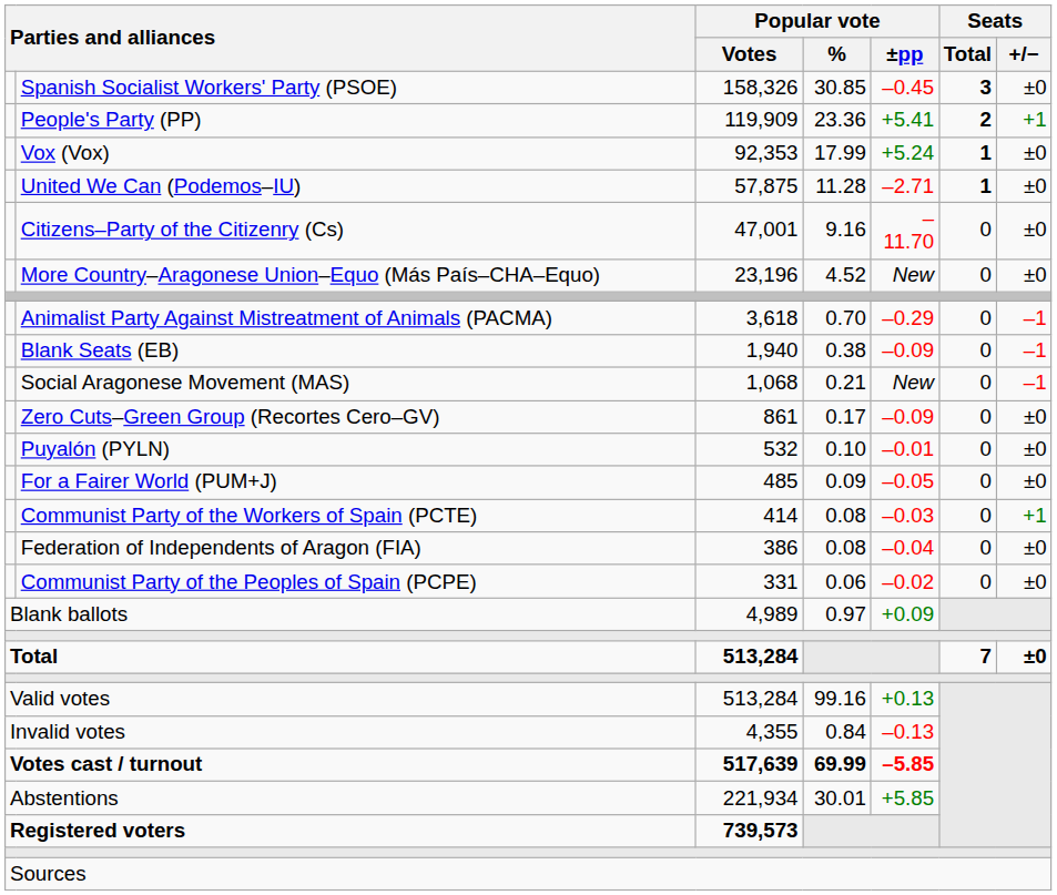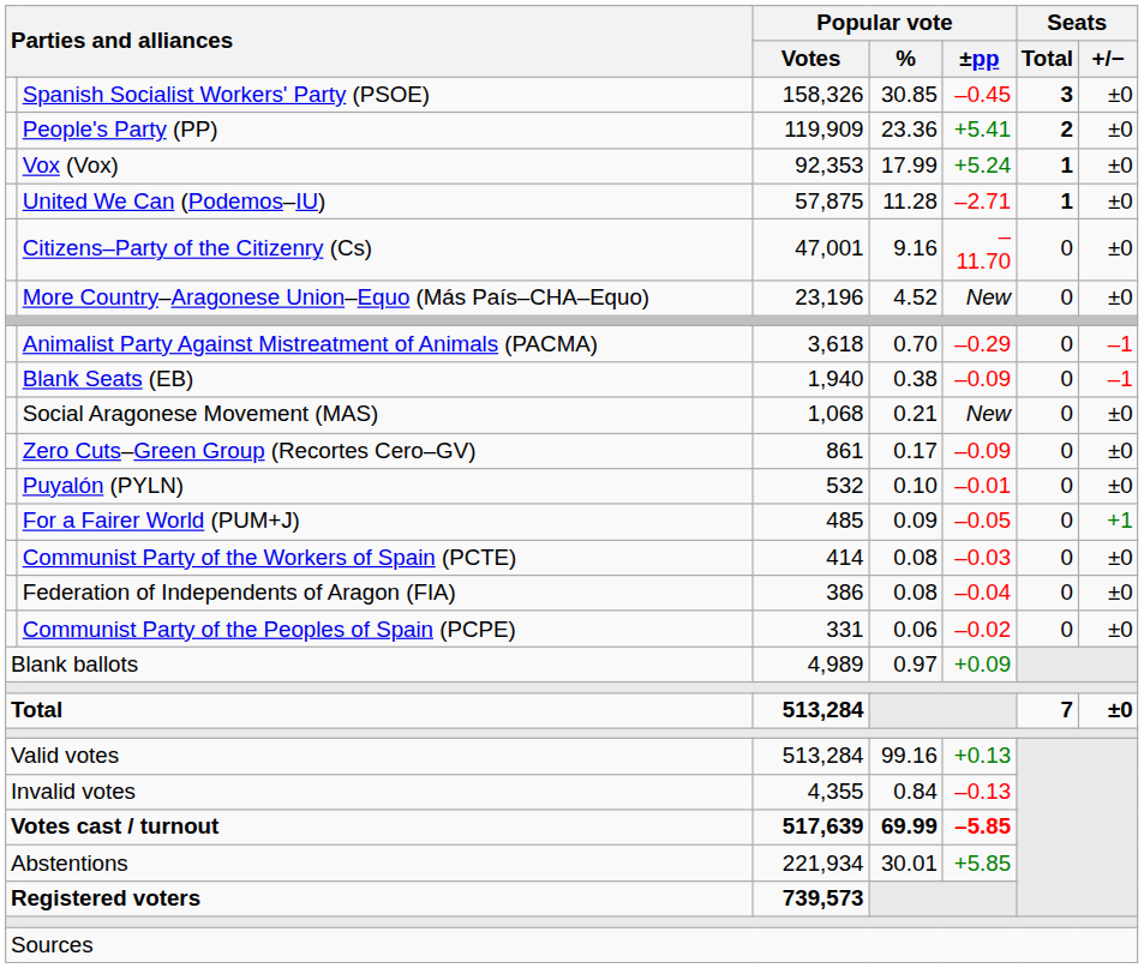 <table class="wikitable" style="text-align:right;">
 <tr>
 <th style="text-align:left;" rowspan="2" colspan="2" width="525">Parties and alliances</th>
 <th colspan="3">Popular vote</th>
 <th colspan="2">Seats</th>
 </tr>
 <tr>
 <th width="75">Votes</th>
 <th width="45">%</th>
 <th width="45">±<a href='#'>pp</a></th>
 <th width="35">Total</th>
 <th width="35">+/−</th>
 </tr>
 <tr>
 <td width="1" style="color:inherit;background:"></td>
 <td align="left"><a href='#'>Spanish Socialist Workers' Party</a> (PSOE)</td>
 <td>158,326</td>
 <td>30.85</td>
 <td style="color:red;">–0.45</td>
 <td><strong>3</strong></td>
 <td>±0</td>
 </tr>
 <tr>
 <td style="color:inherit;background:"></td>
 <td align="left"><a href='#'>People's Party</a> (PP)</td>
 <td>119,909</td>
 <td>23.36</td>
 <td style="color:green;">+5.41</td>
 <td><strong>2</strong></td>
-<td style="color:green;">+1</td>
+<td>±0</td>
 </tr>
 <tr>
 <td style="color:inherit;background:"></td>
 <td align="left"><a href='#'>Vox</a> (Vox)</td>
 <td>92,353</td>
 <td>17.99</td>
 <td style="color:green;">+5.24</td>
 <td><strong>1</strong></td>
 <td>±0</td>
 </tr>
 <tr>
 <td style="color:inherit;background:"></td>
 <td align="left"><a href='#'>United We Can</a> (<a href='#'>Podemos</a>–<a href='#'>IU</a>)</td>
 <td>57,875</td>
 <td>11.28</td>
 <td style="color:red;">–2.71</td>
 <td><strong>1</strong></td>
 <td>±0</td>
 </tr>
 <tr>
 <td style="color:inherit;background:"></td>
 <td align="left"><a href='#'>Citizens–Party of the Citizenry</a> (Cs)</td>
 <td>47,001</td>
 <td>9.16</td>
 <td style="color:red;">–11.70</td>
 <td>0</td>
 <td>±0</td>
 </tr>
 <tr>
 <td style="color:inherit;background:"></td>
 <td align="left"><a href='#'>More Country</a>–<a href='#'>Aragonese Union</a>–<a href='#'>Equo</a> (Más País–CHA–Equo)</td>
 <td>23,196</td>
 <td>4.52</td>
 <td><em>New</em></td>
 <td>0</td>
 <td>±0</td>
 </tr>
 <tr>
 <td colspan="7" bgcolor="#C0C0C0"></td>
 </tr>
 <tr>
 <td style="color:inherit;background:"></td>
 <td align="left"><a href='#'>Animalist Party Against Mistreatment of Animals</a> (PACMA)</td>
 <td>3,618</td>
 <td>0.70</td>
 <td style="color:red;">–0.29</td>
 <td>0</td>
 <td style="color:red;">–1</td>
 </tr>
 <tr>
 <td style="color:inherit;background:"></td>
 <td align="left"><a href='#'>Blank Seats</a> (EB)</td>
 <td>1,940</td>
 <td>0.38</td>
 <td style="color:red;">–0.09</td>
 <td>0</td>
 <td style="color:red;">–1</td>
 </tr>
 <tr>
 <td style="color:inherit;background:"></td>
 <td align="left">Social Aragonese Movement (MAS)</td>
 <td>1,068</td>
 <td>0.21</td>
 <td><em>New</em></td>
 <td>0</td>
-<td style="color:red;">–1</td>
+<td>±0</td>
 </tr>
 <tr>
 <td style="color:inherit;background:"></td>
 <td align="left"><a href='#'>Zero Cuts</a>–<a href='#'>Green Group</a> (Recortes Cero–GV)</td>
 <td>861</td>
 <td>0.17</td>
 <td style="color:red;">–0.09</td>
 <td>0</td>
 <td>±0</td>
 </tr>
 <tr>
 <td style="color:inherit;background:"></td>
 <td align="left"><a href='#'>Puyalón</a> (PYLN)</td>
 <td>532</td>
 <td>0.10</td>
 <td style="color:red;">–0.01</td>
 <td>0</td>
 <td>±0</td>
 </tr>
 <tr>
 <td style="color:inherit;background:"></td>
 <td align="left"><a href='#'>For a Fairer World</a> (PUM+J)</td>
 <td>485</td>
 <td>0.09</td>
 <td style="color:red;">–0.05</td>
 <td>0</td>
-<td>±0</td>
+<td style="color:green;">+1</td>
 </tr>
 <tr>
 <td style="color:inherit;background:"></td>
 <td align="left"><a href='#'>Communist Party of the Workers of Spain</a> (PCTE)</td>
 <td>414</td>
 <td>0.08</td>
 <td style="color:red;">–0.03</td>
 <td>0</td>
-<td style="color:green;">+1</td>
+<td>±0</td>
 </tr>
 <tr>
 <td style="color:inherit;background:"></td>
 <td align="left">Federation of Independents of Aragon (FIA)</td>
 <td>386</td>
 <td>0.08</td>
 <td style="color:red;">–0.04</td>
 <td>0</td>
 <td>±0</td>
 </tr>
 <tr>
 <td style="color:inherit;background:"></td>
 <td align="left"><a href='#'>Communist Party of the Peoples of Spain</a> (PCPE)</td>
 <td>331</td>
 <td>0.06</td>
 <td style="color:red;">–0.02</td>
 <td>0</td>
 <td>±0</td>
 </tr>
 <tr>
 <td align="left" colspan="2">Blank ballots</td>
 <td>4,989</td>
 <td>0.97</td>
 <td style="color:green;">+0.09</td>
 <td bgcolor="#E9E9E9" colspan="2"></td>
 </tr>
 <tr>
 <td colspan="7" bgcolor="#E9E9E9"></td>
 </tr>
 <tr style="font-weight:bold;">
 <td align="left" colspan="2">Total</td>
 <td>513,284</td>
 <td bgcolor="#E9E9E9" colspan="2"></td>
 <td>7</td>
 <td>±0</td>
 </tr>
 <tr>
 <td colspan="7" bgcolor="#E9E9E9"></td>
 </tr>
 <tr>
 <td align="left" colspan="2">Valid votes</td>
 <td>513,284</td>
 <td>99.16</td>
 <td style="color:green;">+0.13</td>
 <td bgcolor="#E9E9E9" colspan="2" rowspan="5"></td>
 </tr>
 <tr>
 <td align="left" colspan="2">Invalid votes</td>
 <td>4,355</td>
 <td>0.84</td>
 <td style="color:red;">–0.13</td>
 </tr>
 <tr style="font-weight:bold;">
 <td align="left" colspan="2">Votes cast / turnout</td>
 <td>517,639</td>
 <td>69.99</td>
 <td style="color:red;">–5.85</td>
 </tr>
 <tr>
 <td align="left" colspan="2">Abstentions</td>
 <td>221,934</td>
 <td>30.01</td>
 <td style="color:green;">+5.85</td>
 </tr>
 <tr style="font-weight:bold;">
 <td align="left" colspan="2">Registered voters</td>
 <td>739,573</td>
 <td bgcolor="#E9E9E9" colspan="2"></td>
 </tr>
 <tr>
 <td colspan="7" bgcolor="#E9E9E9"></td>
 </tr>
 <tr>
 <td align="left" colspan="7">Sources</td>
 </tr>
 </table>
